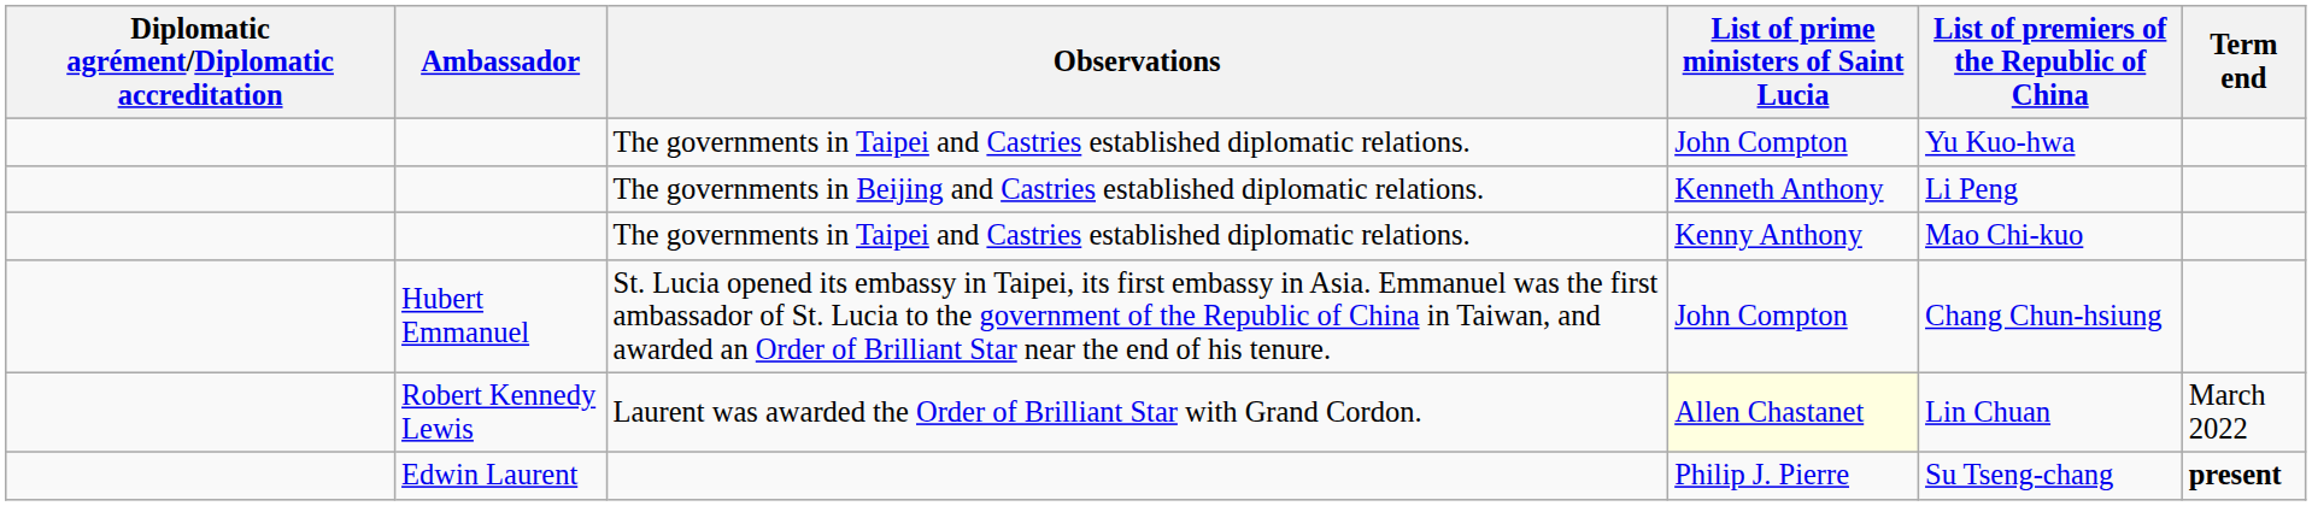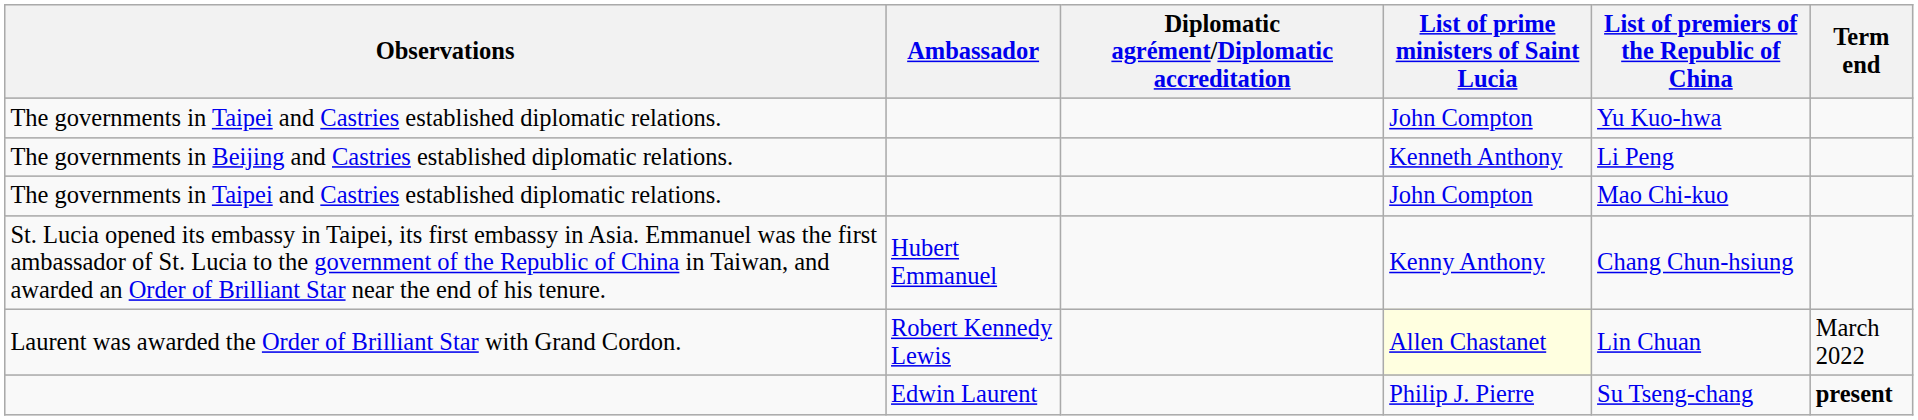 <table class="wikitable sortable">
 <tr>
+<th>Observations</th>
+<th><a href='#'>Ambassador</a></th>
 <th>Diplomatic <a href='#'>agrément</a>/<a href='#'>Diplomatic accreditation</a></th>
-<th><a href='#'>Ambassador</a></th>
-<th>Observations</th>
 <th><a href='#'>List of prime ministers of Saint Lucia</a></th>
 <th><a href='#'>List of premiers of the Republic of China</a></th>
 <th>Term end</th>
 </tr>
 <tr>
+<td>The governments in <a href='#'>Taipei</a> and <a href='#'>Castries</a> established diplomatic relations.</td>
 <td></td>
 <td></td>
-<td>The governments in <a href='#'>Taipei</a> and <a href='#'>Castries</a> established diplomatic relations.</td>
 <td><a href='#'>John Compton</a></td>
 <td><a href='#'>Yu Kuo-hwa</a></td>
 <td></td>
 </tr>
 <tr>
+<td>The governments in <a href='#'>Beijing</a> and <a href='#'>Castries</a> established diplomatic relations.</td>
 <td></td>
 <td></td>
-<td>The governments in <a href='#'>Beijing</a> and <a href='#'>Castries</a> established diplomatic relations.</td>
 <td><a href='#'>Kenneth Anthony</a></td>
 <td><a href='#'>Li Peng</a></td>
 <td></td>
 </tr>
 <tr>
+<td>The governments in <a href='#'>Taipei</a> and <a href='#'>Castries</a> established diplomatic relations.</td>
 <td></td>
 <td></td>
-<td>The governments in <a href='#'>Taipei</a> and <a href='#'>Castries</a> established diplomatic relations.</td>
-<td><a href='#'>Kenny Anthony</a></td>
+<td><a href='#'>John Compton</a></td>
 <td><a href='#'>Mao Chi-kuo</a></td>
 <td></td>
 </tr>
 <tr>
+<td>St. Lucia opened its embassy in Taipei, its first embassy in Asia. Emmanuel was the first ambassador of St. Lucia to the <a href='#'>government of the Republic of China</a> in Taiwan, and awarded an <a href='#'>Order of Brilliant Star</a> near the end of his tenure.</td>
+<td><a href='#'>Hubert Emmanuel</a></td>
 <td></td>
-<td><a href='#'>Hubert Emmanuel</a></td>
-<td>St. Lucia opened its embassy in Taipei, its first embassy in Asia. Emmanuel was the first ambassador of St. Lucia to the <a href='#'>government of the Republic of China</a> in Taiwan, and awarded an <a href='#'>Order of Brilliant Star</a> near the end of his tenure.</td>
-<td><a href='#'>John Compton</a></td>
+<td><a href='#'>Kenny Anthony</a></td>
 <td><a href='#'>Chang Chun-hsiung</a></td>
 <td></td>
 </tr>
 <tr>
+<td>Laurent was awarded the <a href='#'>Order of Brilliant Star</a> with Grand Cordon.</td>
+<td><a href='#'>Robert Kennedy Lewis</a></td>
 <td></td>
-<td><a href='#'>Robert Kennedy Lewis</a></td>
-<td>Laurent was awarded the <a href='#'>Order of Brilliant Star</a> with Grand Cordon.</td>
 <td style="background: lightyellow;"><a href='#'>Allen Chastanet</a></td>
 <td><a href='#'>Lin Chuan</a></td>
 <td>March 2022</td>
 </tr>
 <tr>
 <td></td>
 <td><a href='#'>Edwin Laurent</a></td>
 <td></td>
 <td><a href='#'>Philip J. Pierre</a></td>
 <td><a href='#'>Su Tseng-chang</a></td>
 <td><strong>present</strong></td>
 </tr>
 </table>
